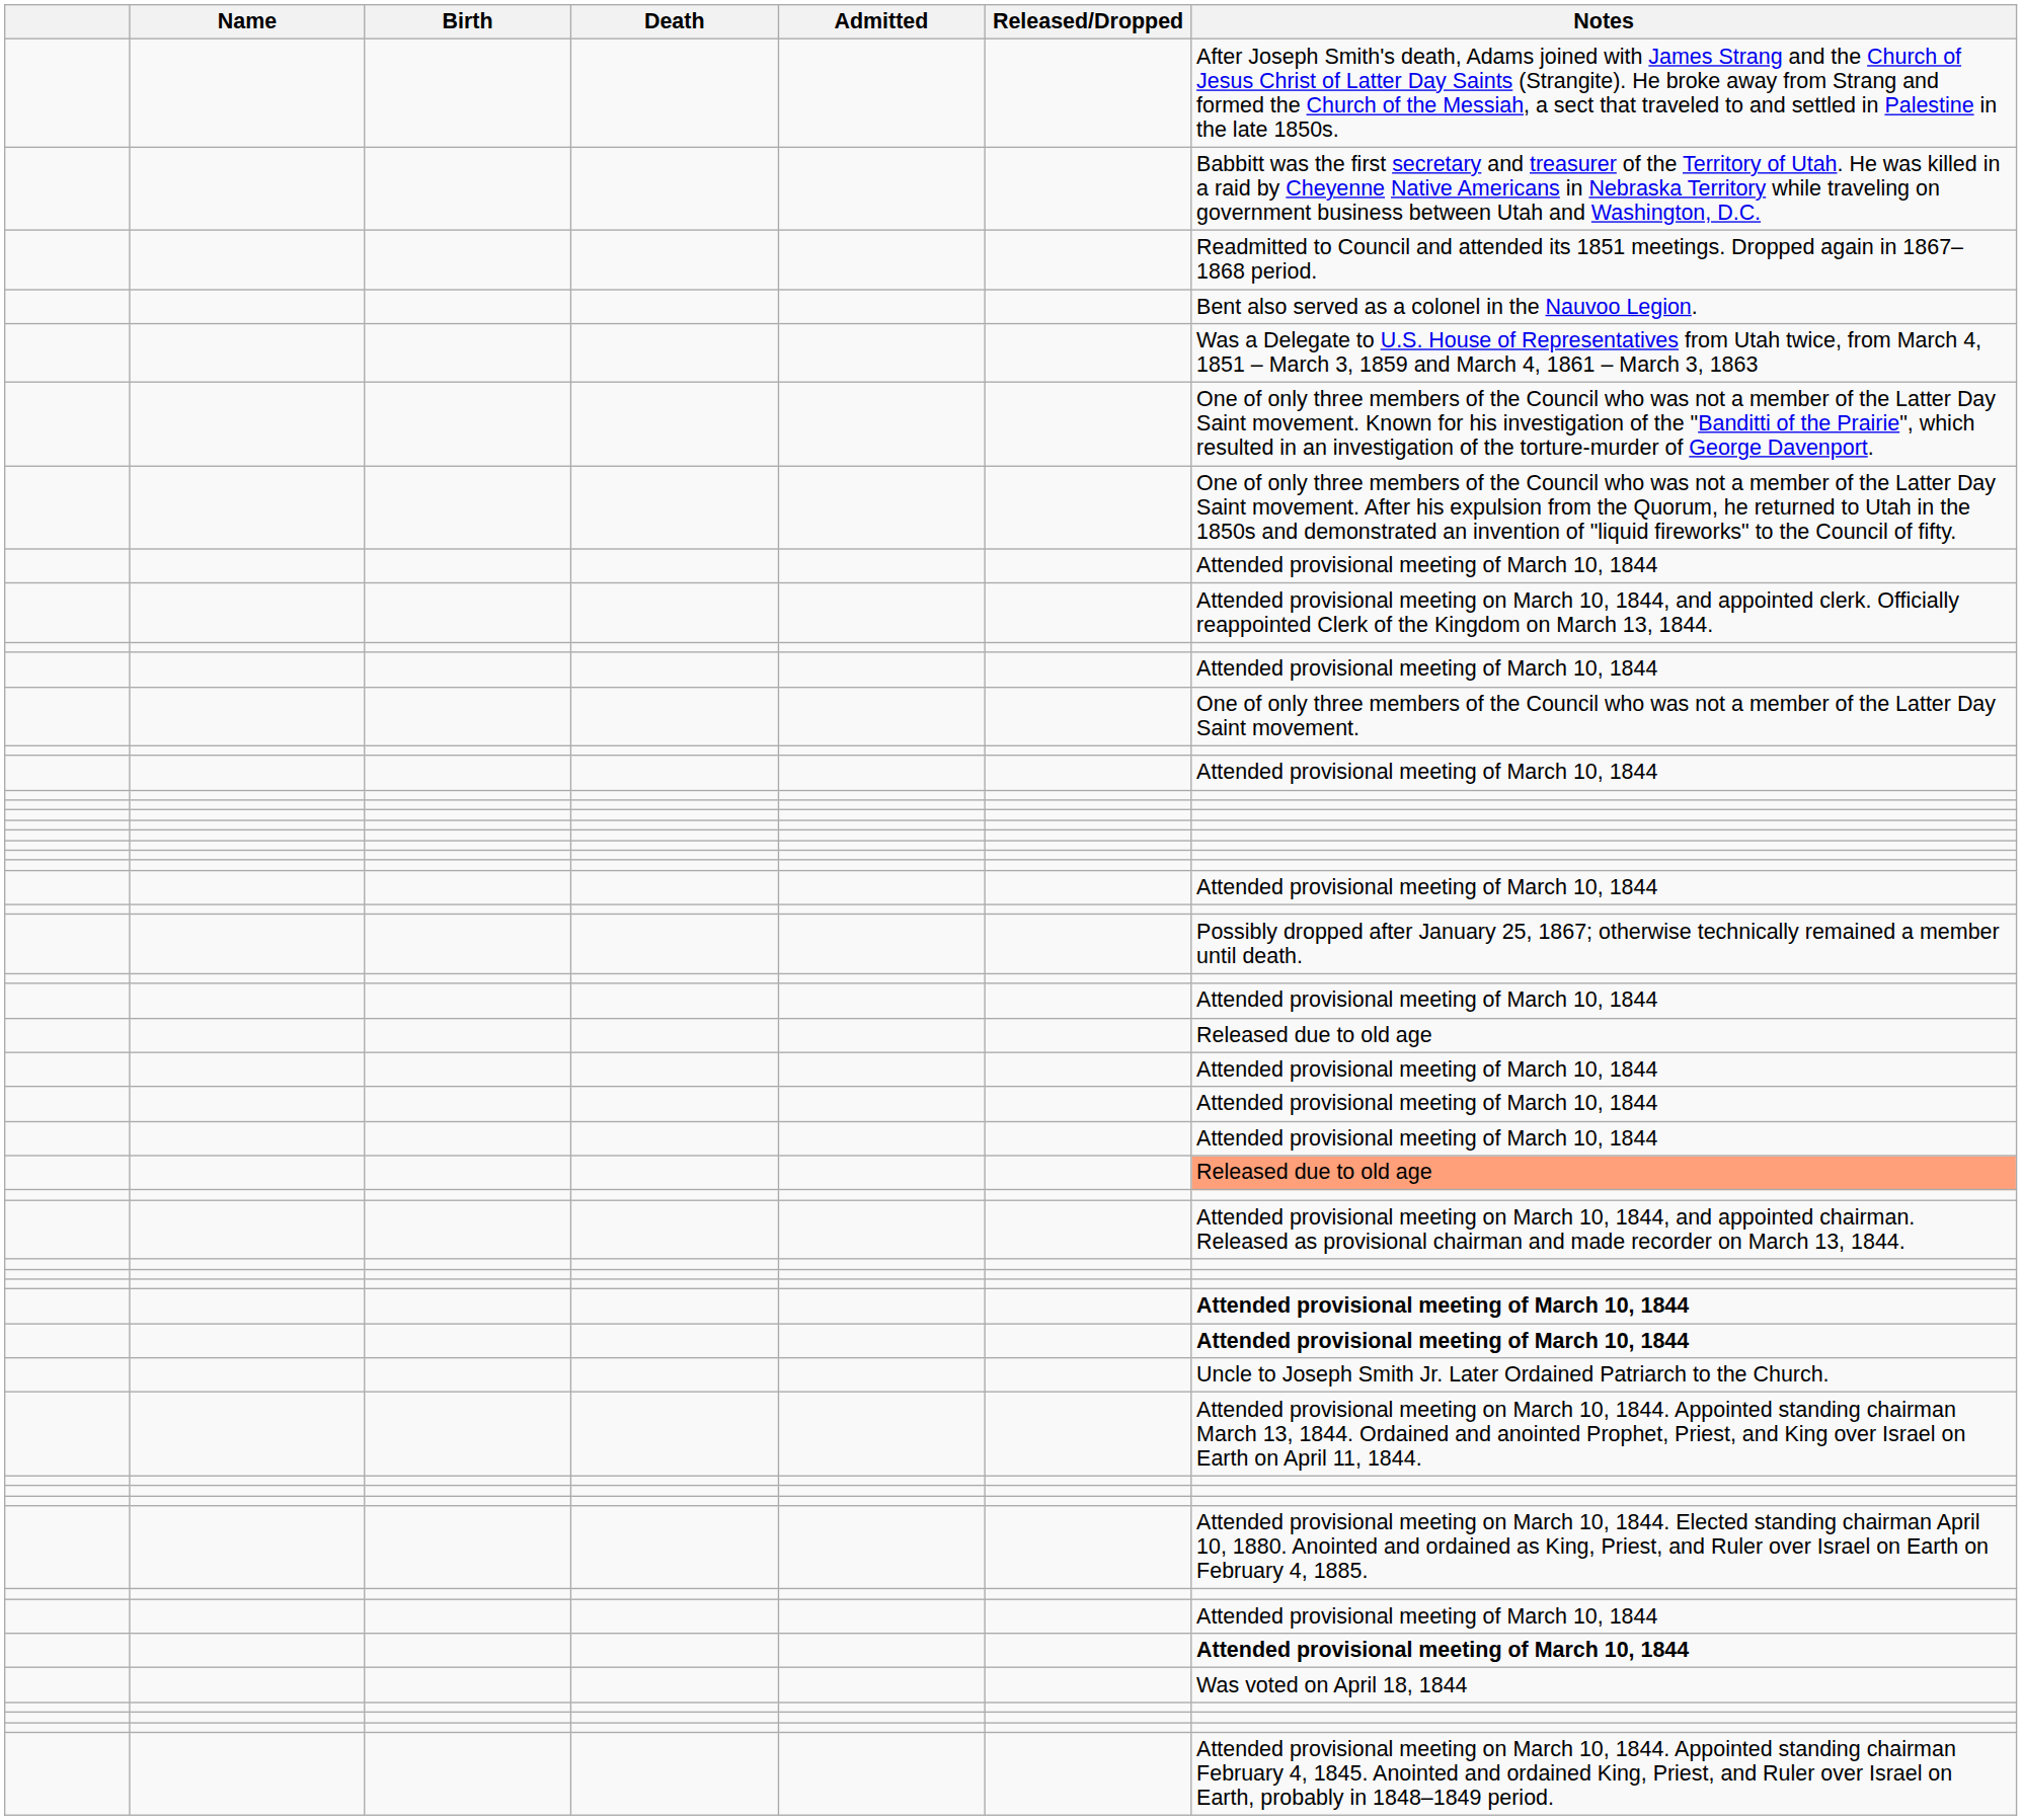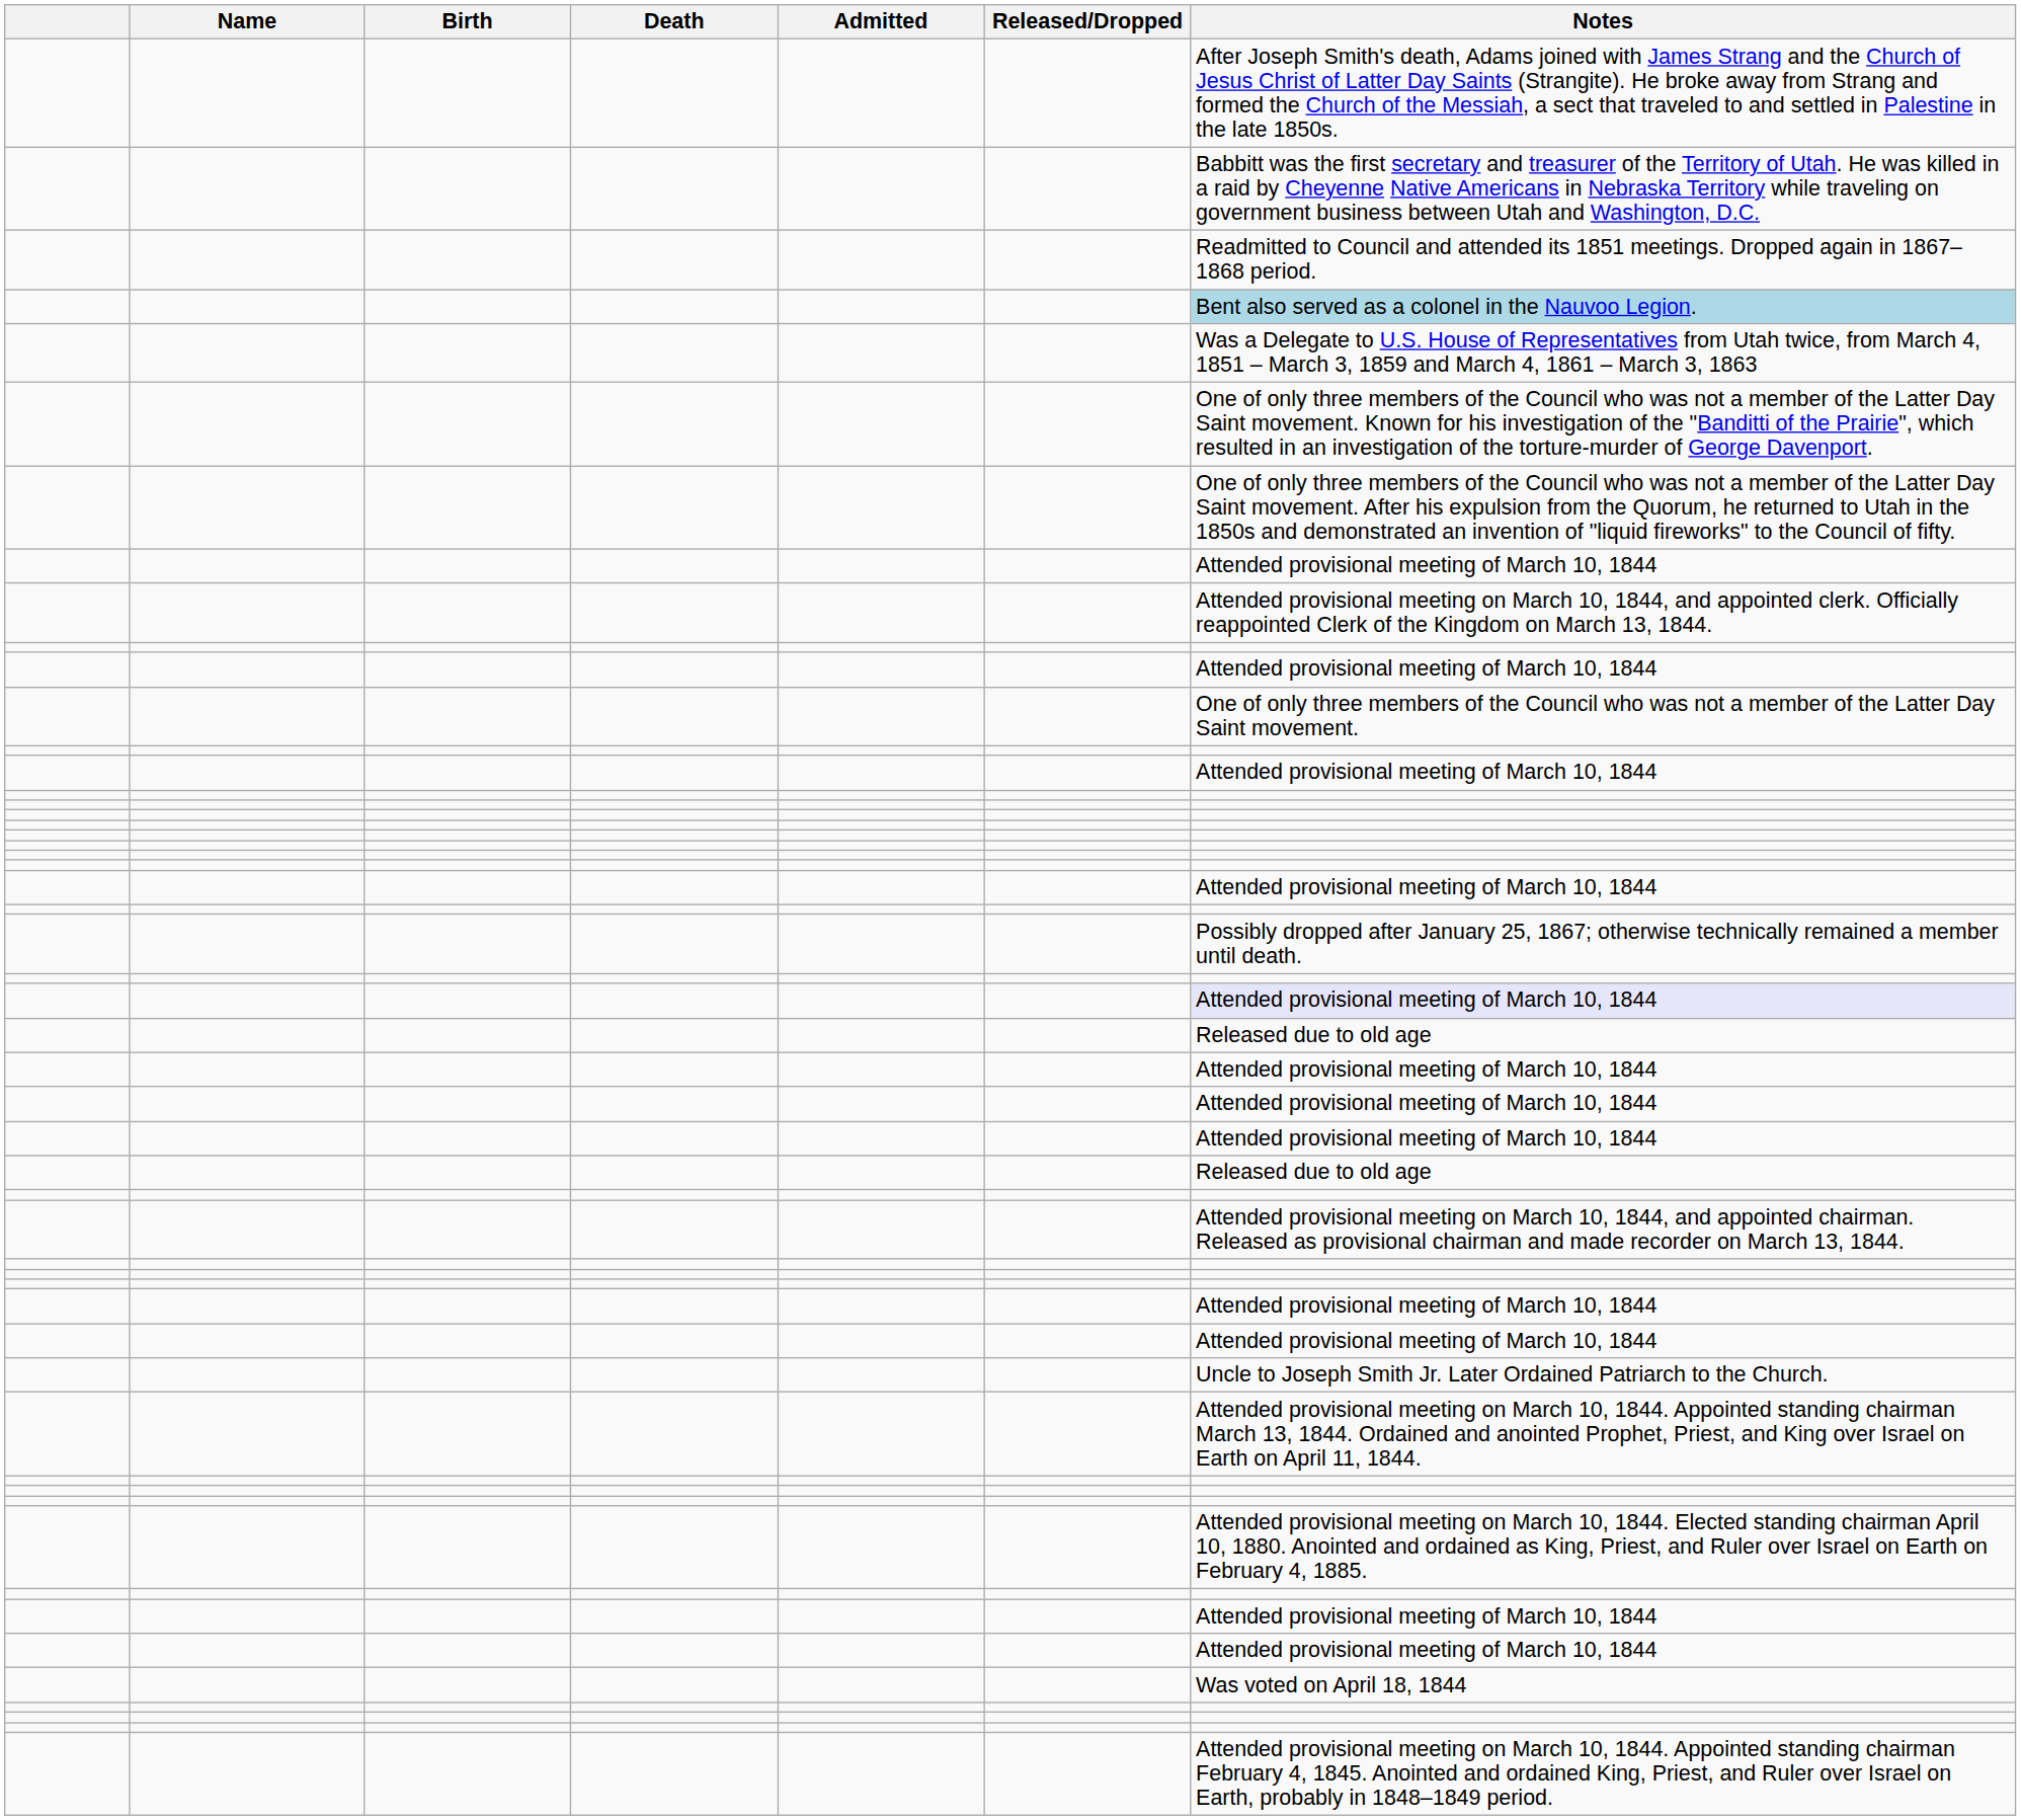 <table class="wikitable sortable" border="1">
 <tr>
 <th scope="col" width="85px" class="unsortable"></th>
 <th scope="col" width="165px">Name</th>
 <th scope="col" width="145px">Birth</th>
 <th scope="col" width="145px">Death</th>
 <th scope="col" width="145px">Admitted</th>
 <th scope="col" width="145px">Released/Dropped</th>
 <th scope="col" width="600px" class="unsortable">Notes</th>
 </tr>
 <tr>
 <td></td>
 <td></td>
 <td></td>
 <td></td>
 <td></td>
 <td></td>
 <td>After Joseph Smith's death, Adams joined with <a href='#'>James Strang</a> and the <a href='#'>Church of Jesus Christ of Latter Day Saints</a> (Strangite).  He broke away from Strang and formed the <a href='#'>Church of the Messiah</a>, a sect that traveled to and settled in <a href='#'>Palestine</a> in the late 1850s.</td>
 </tr>
 <tr>
 <td></td>
 <td></td>
 <td></td>
 <td></td>
 <td></td>
 <td></td>
 <td>Babbitt was the first <a href='#'>secretary</a> and <a href='#'>treasurer</a> of the <a href='#'>Territory of Utah</a>. He was killed in a raid by <a href='#'>Cheyenne</a> <a href='#'>Native Americans</a> in <a href='#'>Nebraska Territory</a> while traveling on government business between Utah and <a href='#'>Washington, D.C.</a></td>
 </tr>
 <tr>
 <td></td>
 <td></td>
 <td></td>
 <td></td>
 <td></td>
 <td></td>
 <td>Readmitted to Council and attended its 1851 meetings. Dropped again in 1867–1868 period.</td>
 </tr>
 <tr>
 <td></td>
 <td></td>
 <td></td>
 <td></td>
 <td></td>
 <td></td>
-<td>Bent also served as a colonel in the <a href='#'>Nauvoo Legion</a>.</td>
+<td style="background: lightblue;">Bent also served as a colonel in the <a href='#'>Nauvoo Legion</a>.</td>
 </tr>
 <tr>
 <td></td>
 <td></td>
 <td></td>
 <td></td>
 <td></td>
 <td></td>
 <td>Was a Delegate to <a href='#'>U.S. House of Representatives</a> from Utah twice, from March 4, 1851 – March 3, 1859 and March 4, 1861 – March 3, 1863</td>
 </tr>
 <tr>
 <td></td>
 <td></td>
 <td></td>
 <td></td>
 <td></td>
 <td></td>
 <td>One of only three members of the Council who was not a member of the Latter Day Saint movement.  Known for his investigation of the "<a href='#'>Banditti of the Prairie</a>", which resulted in an investigation of the torture-murder of <a href='#'>George Davenport</a>.</td>
 </tr>
 <tr>
 <td></td>
 <td></td>
 <td></td>
 <td></td>
 <td></td>
 <td></td>
 <td>One of only three members of the Council who was not a member of the Latter Day Saint movement. After his expulsion from the Quorum, he returned to Utah in the 1850s and demonstrated an invention of "liquid fireworks" to the Council of fifty.</td>
 </tr>
 <tr>
 <td></td>
 <td></td>
 <td></td>
 <td></td>
 <td></td>
 <td></td>
 <td>Attended provisional meeting of March 10, 1844</td>
 </tr>
 <tr>
 <td></td>
 <td></td>
 <td></td>
 <td></td>
 <td></td>
 <td></td>
 <td>Attended provisional meeting on March 10, 1844, and appointed clerk. Officially reappointed Clerk of the Kingdom on March 13, 1844.</td>
 </tr>
 <tr>
 <td></td>
 <td></td>
 <td></td>
 <td></td>
 <td></td>
 <td></td>
 <td></td>
 </tr>
 <tr>
 <td></td>
 <td></td>
 <td></td>
 <td></td>
 <td></td>
 <td></td>
 <td>Attended provisional meeting of March 10, 1844</td>
 </tr>
 <tr>
 <td></td>
 <td></td>
 <td></td>
 <td></td>
 <td></td>
 <td></td>
 <td>One of only three members of the Council who was not a member of the Latter Day Saint movement.</td>
 </tr>
 <tr>
 <td></td>
 <td></td>
 <td></td>
 <td></td>
 <td></td>
 <td></td>
 <td></td>
 </tr>
 <tr>
 <td></td>
 <td></td>
 <td></td>
 <td></td>
 <td></td>
 <td></td>
 <td>Attended provisional meeting of March 10, 1844</td>
 </tr>
 <tr>
 <td></td>
 <td></td>
 <td></td>
 <td></td>
 <td></td>
 <td></td>
 <td></td>
 </tr>
 <tr>
 <td></td>
 <td></td>
 <td></td>
 <td></td>
 <td></td>
 <td></td>
 <td></td>
 </tr>
 <tr>
 <td></td>
 <td></td>
 <td></td>
 <td></td>
 <td></td>
 <td></td>
 <td></td>
 </tr>
 <tr>
 <td></td>
 <td></td>
 <td></td>
 <td></td>
 <td></td>
 <td></td>
 <td></td>
 </tr>
 <tr>
 <td></td>
 <td></td>
 <td></td>
 <td></td>
 <td></td>
 <td></td>
 <td></td>
 </tr>
 <tr>
 <td></td>
 <td></td>
 <td></td>
 <td></td>
 <td></td>
 <td></td>
 <td></td>
 </tr>
 <tr>
 <td></td>
 <td></td>
 <td></td>
 <td></td>
 <td></td>
 <td></td>
 <td></td>
 </tr>
 <tr>
 <td></td>
 <td></td>
 <td></td>
 <td></td>
 <td></td>
 <td></td>
 <td></td>
 </tr>
 <tr>
 <td></td>
 <td></td>
 <td></td>
 <td></td>
 <td></td>
 <td></td>
 <td>Attended provisional meeting of March 10, 1844</td>
 </tr>
 <tr>
 <td></td>
 <td></td>
 <td></td>
 <td></td>
 <td></td>
 <td></td>
 <td></td>
 </tr>
 <tr>
 <td></td>
 <td></td>
 <td></td>
 <td></td>
 <td></td>
 <td></td>
 <td>Possibly dropped after January 25, 1867; otherwise technically remained a member until death.</td>
 </tr>
 <tr>
 <td></td>
 <td></td>
 <td></td>
 <td></td>
 <td></td>
 <td></td>
 <td></td>
 </tr>
 <tr>
 <td></td>
 <td></td>
 <td></td>
 <td></td>
 <td></td>
 <td></td>
-<td>Attended provisional meeting of March 10, 1844</td>
+<td style="background: lavender;">Attended provisional meeting of March 10, 1844</td>
 </tr>
 <tr>
 <td></td>
 <td></td>
 <td></td>
 <td></td>
 <td></td>
 <td></td>
 <td>Released due to old age</td>
 </tr>
 <tr>
 <td></td>
 <td></td>
 <td></td>
 <td></td>
 <td></td>
 <td></td>
 <td>Attended provisional meeting of March 10, 1844</td>
 </tr>
 <tr>
 <td></td>
 <td></td>
 <td></td>
 <td></td>
 <td></td>
 <td></td>
 <td>Attended provisional meeting of March 10, 1844</td>
 </tr>
 <tr>
 <td></td>
 <td></td>
 <td></td>
 <td></td>
 <td></td>
 <td></td>
 <td>Attended provisional meeting of March 10, 1844</td>
 </tr>
 <tr>
 <td></td>
 <td></td>
 <td></td>
 <td></td>
 <td></td>
 <td></td>
-<td style="background: lightsalmon;">Released due to old age</td>
+<td>Released due to old age</td>
 </tr>
 <tr>
 <td></td>
 <td></td>
 <td></td>
 <td></td>
 <td></td>
 <td></td>
 <td></td>
 </tr>
 <tr>
 <td></td>
 <td></td>
 <td></td>
 <td></td>
 <td></td>
 <td></td>
 <td>Attended provisional meeting on March 10, 1844, and appointed chairman. Released as provisional chairman and made recorder on March 13, 1844.</td>
 </tr>
 <tr>
 <td></td>
 <td></td>
 <td></td>
 <td></td>
 <td></td>
 <td></td>
 <td></td>
 </tr>
 <tr>
 <td></td>
 <td></td>
 <td></td>
 <td></td>
 <td></td>
 <td></td>
 <td></td>
 </tr>
 <tr>
 <td></td>
 <td></td>
 <td></td>
 <td></td>
 <td></td>
 <td></td>
 <td></td>
 </tr>
 <tr>
 <td></td>
 <td></td>
 <td></td>
 <td></td>
 <td></td>
 <td></td>
-<td><strong>Attended provisional meeting of March 10, 1844</strong></td>
+<td>Attended provisional meeting of March 10, 1844</td>
 </tr>
 <tr>
 <td></td>
 <td></td>
 <td></td>
 <td></td>
 <td></td>
 <td></td>
-<td><strong>Attended provisional meeting of March 10, 1844</strong></td>
+<td>Attended provisional meeting of March 10, 1844</td>
 </tr>
 <tr>
 <td></td>
 <td></td>
 <td></td>
 <td></td>
 <td></td>
 <td></td>
 <td>Uncle to Joseph Smith Jr. Later Ordained Patriarch to the Church.</td>
 </tr>
 <tr>
 <td></td>
 <td></td>
 <td></td>
 <td></td>
 <td></td>
 <td></td>
 <td>Attended provisional meeting on March 10, 1844.  Appointed standing chairman March 13, 1844. Ordained and anointed Prophet, Priest, and King over Israel on Earth on April 11, 1844.</td>
 </tr>
 <tr>
 <td></td>
 <td></td>
 <td></td>
 <td></td>
 <td></td>
 <td></td>
 <td></td>
 </tr>
 <tr>
 <td></td>
 <td></td>
 <td></td>
 <td></td>
 <td></td>
 <td></td>
 <td></td>
 </tr>
 <tr>
 <td></td>
 <td></td>
 <td></td>
 <td></td>
 <td></td>
 <td></td>
 </tr>
 <tr>
 <td></td>
 <td></td>
 <td></td>
 <td></td>
 <td></td>
 <td></td>
 <td>Attended provisional meeting on March 10, 1844. Elected standing chairman April 10, 1880. Anointed and ordained as King, Priest, and Ruler over Israel on Earth on February 4, 1885.</td>
 </tr>
 <tr>
 <td></td>
 <td></td>
 <td></td>
 <td></td>
 <td></td>
 <td></td>
 <td></td>
 </tr>
 <tr>
 <td></td>
 <td></td>
 <td></td>
 <td></td>
 <td></td>
 <td></td>
 <td>Attended provisional meeting of March 10, 1844</td>
 </tr>
 <tr>
 <td></td>
 <td></td>
 <td></td>
 <td></td>
 <td></td>
 <td></td>
-<td><strong>Attended provisional meeting of March 10, 1844</strong></td>
+<td>Attended provisional meeting of March 10, 1844</td>
 </tr>
 <tr>
 <td></td>
 <td></td>
 <td></td>
 <td></td>
 <td></td>
 <td></td>
 <td>Was voted on April 18, 1844</td>
 </tr>
 <tr>
 <td></td>
 <td></td>
 <td></td>
 <td></td>
 <td></td>
 <td></td>
 <td></td>
 </tr>
 <tr>
 <td></td>
 <td></td>
 <td></td>
 <td></td>
 <td></td>
 <td></td>
 <td></td>
 </tr>
 <tr>
 <td></td>
 <td></td>
 <td></td>
 <td></td>
 <td></td>
 <td></td>
 <td></td>
 </tr>
 <tr>
 <td></td>
 <td></td>
 <td></td>
 <td></td>
 <td></td>
 <td></td>
 <td>Attended provisional meeting on March 10, 1844. Appointed standing chairman February 4, 1845. Anointed and ordained King, Priest, and Ruler over Israel on Earth, probably in 1848–1849 period.</td>
 </tr>
 </table>
